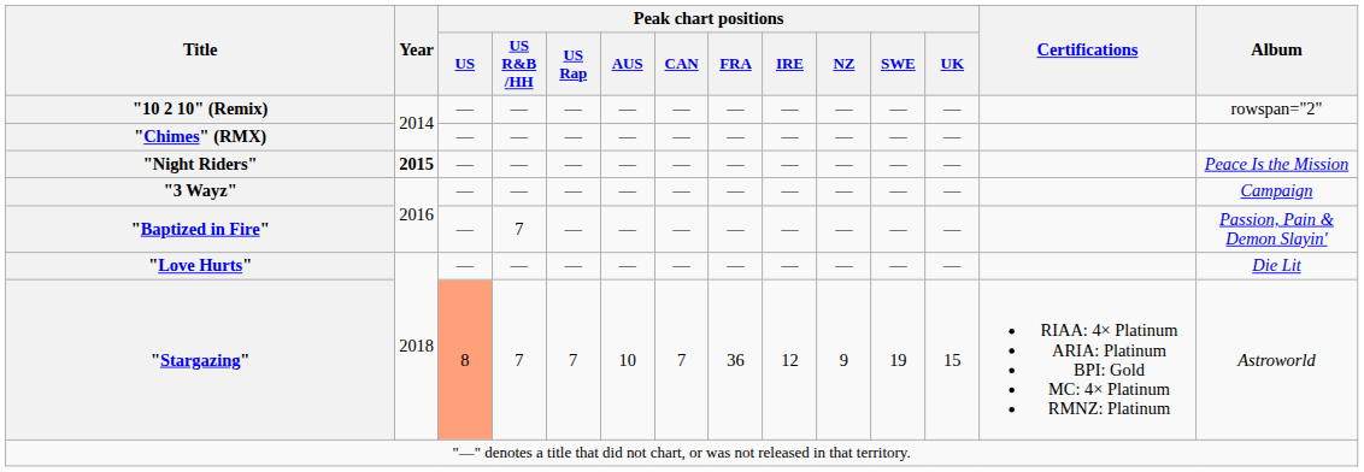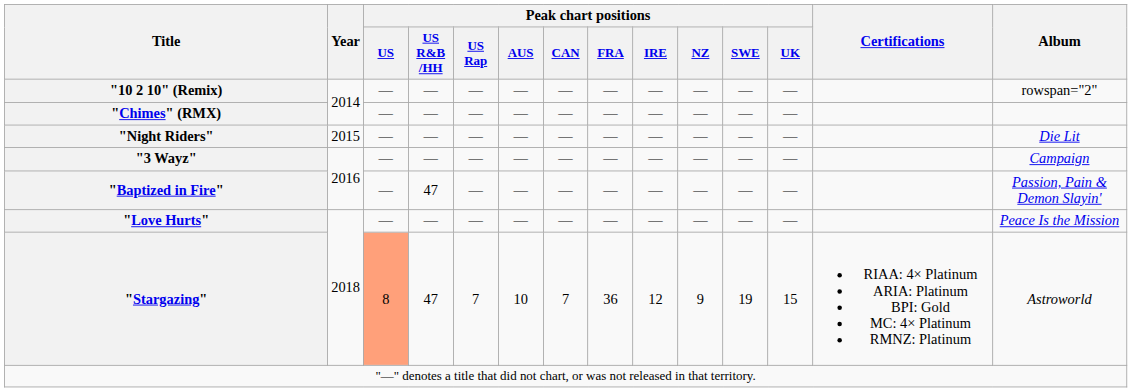 <table class="wikitable plainrowheaders" style="text-align:center;">
 <tr>
 <th scope="col" rowspan="2" style="width:22em;">Title</th>
 <th scope="col" rowspan="2" style="width:1em;">Year</th>
 <th scope="col" colspan="10">Peak chart positions</th>
 <th scope="col" rowspan="2" style="width:12em;"><a href='#'>Certifications</a></th>
 <th scope="col" rowspan="2">Album</th>
 </tr>
 <tr>
 <th scope="col" style="width:3em;font-size:90%;"><a href='#'>US</a><br></th>
 <th scope="col" style="width:3em;font-size:90%;"><a href='#'>US<br>R&B<br>/HH</a><br></th>
 <th scope="col" style="width:3em;font-size:90%;"><a href='#'>US Rap</a><br></th>
 <th scope="col" style="width:3em;font-size:90%;"><a href='#'>AUS</a><br></th>
 <th scope="col" style="width:3em;font-size:90%;"><a href='#'>CAN</a><br></th>
 <th scope="col" style="width:3em;font-size:90%;"><a href='#'>FRA</a><br></th>
 <th scope="col" style="width:3em;font-size:90%;"><a href='#'>IRE</a><br></th>
 <th scope="col" style="width:3em;font-size:90%;"><a href='#'>NZ</a><br></th>
 <th scope="col" style="width:3em;font-size:90%;"><a href='#'>SWE</a><br></th>
 <th scope="col" style="width:3em;font-size:90%;"><a href='#'>UK</a><br></th>
 </tr>
 <tr>
 <th scope="row">"10 2 10" (Remix)<br></th>
 <td rowspan="2">2014</td>
 <td>—</td>
 <td>—</td>
 <td>—</td>
 <td>—</td>
 <td>—</td>
 <td>—</td>
 <td>—</td>
 <td>—</td>
 <td>—</td>
 <td>—</td>
 <td></td>
 <td>rowspan="2" </td>
 </tr>
 <tr>
 <th scope="row">"<a href='#'>Chimes</a>" (RMX)<br></th>
 <td>—</td>
 <td>—</td>
 <td>—</td>
 <td>—</td>
 <td>—</td>
 <td>—</td>
 <td>—</td>
 <td>—</td>
 <td>—</td>
 <td>—</td>
 <td></td>
 </tr>
 <tr>
 <th scope="row">"Night Riders"<br></th>
-<td><strong>2015</strong></td>
+<td>2015</td>
 <td>—</td>
 <td>—</td>
 <td>—</td>
 <td>—</td>
 <td>—</td>
 <td>—</td>
 <td>—</td>
 <td>—</td>
 <td>—</td>
 <td>—</td>
 <td></td>
-<td><em><a href='#'>Peace Is the Mission</a></em></td>
+<td><em><a href='#'>Die Lit</a></em></td>
 </tr>
 <tr>
 <th scope="row">"3 Wayz"<br></th>
 <td rowspan="2">2016</td>
 <td>—</td>
 <td>—</td>
 <td>—</td>
 <td>—</td>
 <td>—</td>
 <td>—</td>
 <td>—</td>
 <td>—</td>
 <td>—</td>
 <td>—</td>
 <td></td>
 <td><em><a href='#'>Campaign</a></em></td>
 </tr>
 <tr>
 <th scope="row">"<a href='#'>Baptized in Fire</a>"<br></th>
 <td>—</td>
-<td>7</td>
+<td>47</td>
 <td>—</td>
 <td>—</td>
 <td>—</td>
 <td>—</td>
 <td>—</td>
 <td>—</td>
 <td>—</td>
 <td>—</td>
 <td></td>
 <td><em><a href='#'>Passion, Pain & Demon Slayin'</a></em></td>
 </tr>
 <tr>
 <th scope="row">"<a href='#'>Love Hurts</a>"<br></th>
 <td rowspan="2">2018</td>
 <td>—</td>
 <td>—</td>
 <td>—</td>
 <td>—</td>
 <td>—</td>
 <td>—</td>
 <td>—</td>
 <td>—</td>
 <td>—</td>
 <td>—</td>
 <td></td>
-<td><em><a href='#'>Die Lit</a></em></td>
+<td><em><a href='#'>Peace Is the Mission</a></em></td>
 </tr>
 <tr>
 <th scope="row">"<a href='#'>Stargazing</a>"</th>
 <td style="background: lightsalmon;">8</td>
-<td>7</td>
+<td>47</td>
 <td>7</td>
 <td>10</td>
 <td>7</td>
 <td>36</td>
 <td>12</td>
 <td>9</td>
 <td>19</td>
 <td>15</td>
 <td><br><ul><li>RIAA: 4× Platinum</li><li>ARIA: Platinum</li><li>BPI: Gold</li><li>MC: 4× Platinum</li><li>RMNZ: Platinum</li></ul></td>
 <td><em>Astroworld</em></td>
 </tr>
 <tr>
 <td colspan="15" style="font-size:90%">"—" denotes a title that did not chart, or was not released in that territory.</td>
 </tr>
 </table>
